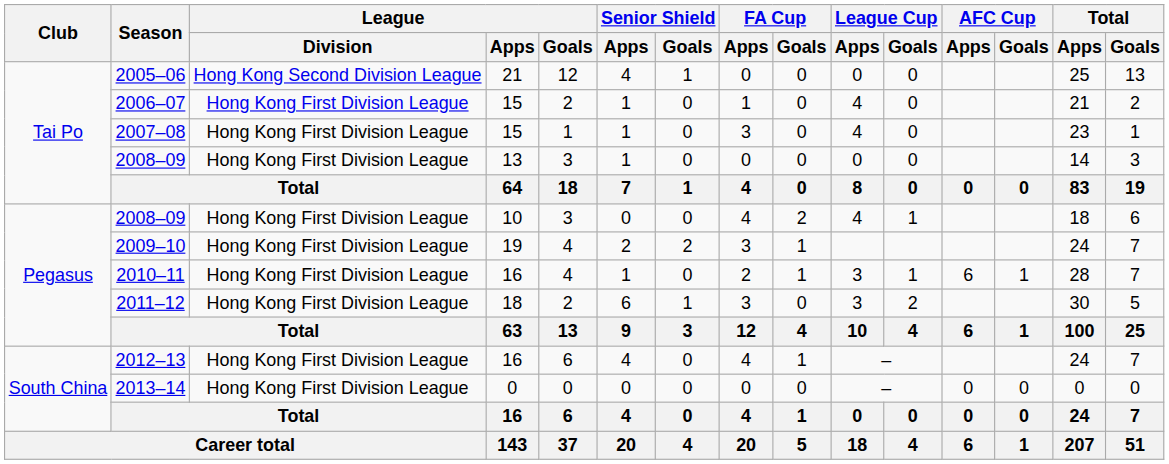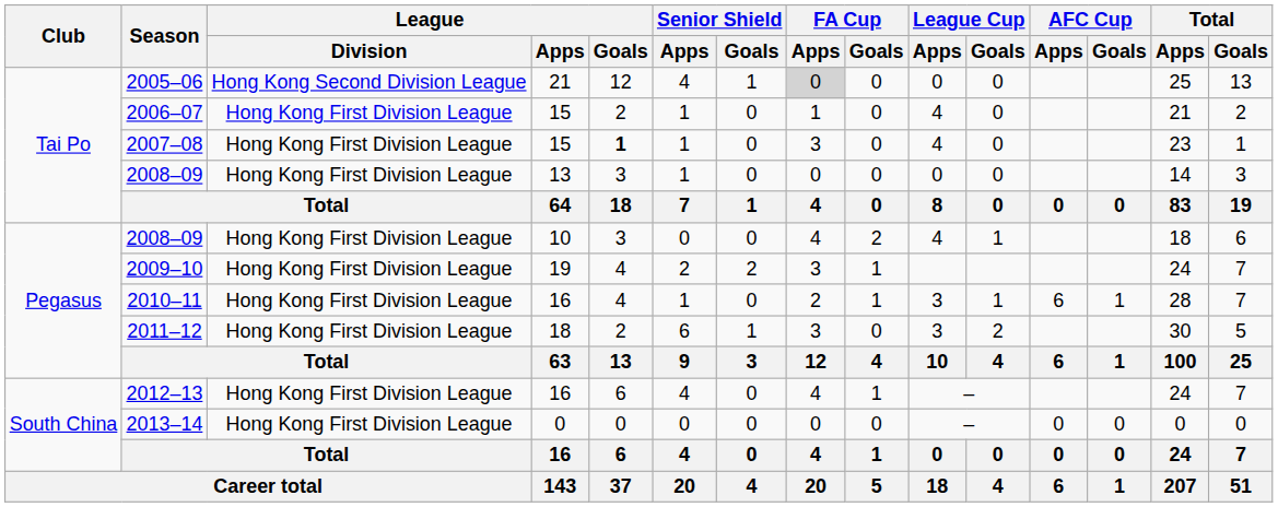 <table class="wikitable" style="text-align:center">
 <tr>
 <th rowspan="2">Club</th>
 <th rowspan="2">Season</th>
 <th colspan="3">League</th>
 <th colspan="2"><a href='#'>Senior Shield</a></th>
 <th colspan="2"><a href='#'>FA Cup</a></th>
 <th colspan="2"><a href='#'>League Cup</a></th>
 <th colspan="2"><a href='#'>AFC Cup</a></th>
 <th colspan="2">Total</th>
 </tr>
 <tr>
 <th>Division</th>
 <th>Apps</th>
 <th>Goals</th>
 <th>Apps</th>
 <th>Goals</th>
 <th>Apps</th>
 <th>Goals</th>
 <th>Apps</th>
 <th>Goals</th>
 <th>Apps</th>
 <th>Goals</th>
 <th>Apps</th>
 <th>Goals</th>
 </tr>
 <tr>
 <td rowspan="5"><a href='#'>Tai Po</a></td>
 <td><a href='#'>2005–06</a></td>
 <td><a href='#'>Hong Kong Second Division League</a></td>
 <td>21</td>
 <td>12</td>
 <td>4</td>
 <td>1</td>
-<td>0</td>
+<td style="background: lightgrey;">0</td>
 <td>0</td>
 <td>0</td>
 <td>0</td>
 <td></td>
 <td></td>
 <td>25</td>
 <td>13</td>
 </tr>
 <tr>
 <td><a href='#'>2006–07</a></td>
 <td><a href='#'>Hong Kong First Division League</a></td>
 <td>15</td>
 <td>2</td>
 <td>1</td>
 <td>0</td>
 <td>1</td>
 <td>0</td>
 <td>4</td>
 <td>0</td>
 <td></td>
 <td></td>
 <td>21</td>
 <td>2</td>
 </tr>
 <tr>
 <td><a href='#'>2007–08</a></td>
 <td>Hong Kong First Division League</td>
 <td>15</td>
-<td>1</td>
+<td><strong>1</strong></td>
 <td>1</td>
 <td>0</td>
 <td>3</td>
 <td>0</td>
 <td>4</td>
 <td>0</td>
 <td></td>
 <td></td>
 <td>23</td>
 <td>1</td>
 </tr>
 <tr>
 <td><a href='#'>2008–09</a></td>
 <td>Hong Kong First Division League</td>
 <td>13</td>
 <td>3</td>
 <td>1</td>
 <td>0</td>
 <td>0</td>
 <td>0</td>
 <td>0</td>
 <td>0</td>
 <td></td>
 <td></td>
 <td>14</td>
 <td>3</td>
 </tr>
 <tr>
 <th colspan="2">Total</th>
 <th>64</th>
 <th>18</th>
 <th>7</th>
 <th>1</th>
 <th>4</th>
 <th>0</th>
 <th>8</th>
 <th>0</th>
 <th>0</th>
 <th>0</th>
 <th>83</th>
 <th>19</th>
 </tr>
 <tr>
 <td rowspan="5"><a href='#'>Pegasus</a></td>
 <td><a href='#'>2008–09</a></td>
 <td>Hong Kong First Division League</td>
 <td>10</td>
 <td>3</td>
 <td>0</td>
 <td>0</td>
 <td>4</td>
 <td>2</td>
 <td>4</td>
 <td>1</td>
 <td></td>
 <td></td>
 <td>18</td>
 <td>6</td>
 </tr>
 <tr>
 <td><a href='#'>2009–10</a></td>
 <td>Hong Kong First Division League</td>
 <td>19</td>
 <td>4</td>
 <td>2</td>
 <td>2</td>
 <td>3</td>
 <td>1</td>
 <td></td>
 <td></td>
 <td></td>
 <td></td>
 <td>24</td>
 <td>7</td>
 </tr>
 <tr>
 <td><a href='#'>2010–11</a></td>
 <td>Hong Kong First Division League</td>
 <td>16</td>
 <td>4</td>
 <td>1</td>
 <td>0</td>
 <td>2</td>
 <td>1</td>
 <td>3</td>
 <td>1</td>
 <td>6</td>
 <td>1</td>
 <td>28</td>
 <td>7</td>
 </tr>
 <tr>
 <td><a href='#'>2011–12</a></td>
 <td>Hong Kong First Division League</td>
 <td>18</td>
 <td>2</td>
 <td>6</td>
 <td>1</td>
 <td>3</td>
 <td>0</td>
 <td>3</td>
 <td>2</td>
 <td></td>
 <td></td>
 <td>30</td>
 <td>5</td>
 </tr>
 <tr>
 <th colspan="2">Total</th>
 <th>63</th>
 <th>13</th>
 <th>9</th>
 <th>3</th>
 <th>12</th>
 <th>4</th>
 <th>10</th>
 <th>4</th>
 <th>6</th>
 <th>1</th>
 <th>100</th>
 <th>25</th>
 </tr>
 <tr>
 <td rowspan="3"><a href='#'>South China</a></td>
 <td><a href='#'>2012–13</a></td>
 <td>Hong Kong First Division League</td>
 <td>16</td>
 <td>6</td>
 <td>4</td>
 <td>0</td>
 <td>4</td>
 <td>1</td>
 <td colspan="2">–</td>
 <td></td>
 <td></td>
 <td>24</td>
 <td>7</td>
 </tr>
 <tr>
 <td><a href='#'>2013–14</a></td>
 <td>Hong Kong First Division League</td>
 <td>0</td>
 <td>0</td>
 <td>0</td>
 <td>0</td>
 <td>0</td>
 <td>0</td>
 <td colspan="2">–</td>
 <td>0</td>
 <td>0</td>
 <td>0</td>
 <td>0</td>
 </tr>
 <tr>
 <th colspan="2">Total</th>
 <th>16</th>
 <th>6</th>
 <th>4</th>
 <th>0</th>
 <th>4</th>
 <th>1</th>
 <th>0</th>
 <th>0</th>
 <th>0</th>
 <th>0</th>
 <th>24</th>
 <th>7</th>
 </tr>
 <tr>
 <th colspan="3">Career total</th>
 <th>143</th>
 <th>37</th>
 <th>20</th>
 <th>4</th>
 <th>20</th>
 <th>5</th>
 <th>18</th>
 <th>4</th>
 <th>6</th>
 <th>1</th>
 <th>207</th>
 <th>51</th>
 </tr>
 </table>
